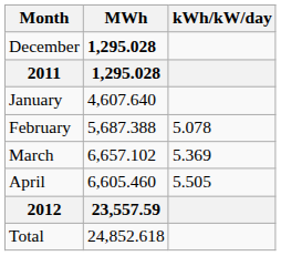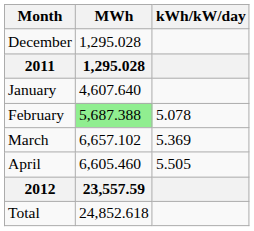 <table class="wikitable">
 <tr>
 <th>Month</th>
 <th>MWh</th>
 <th>kWh/kW/day</th>
 </tr>
 <tr>
 <td>December</td>
-<td><strong>1,295.028</strong></td>
+<td>1,295.028</td>
 <td></td>
 </tr>
 <tr>
 <th>2011</th>
 <th>1,295.028</th>
 <th></th>
 </tr>
 <tr>
 <td>January</td>
 <td>4,607.640</td>
 <td></td>
 </tr>
 <tr>
 <td>February</td>
-<td>5,687.388</td>
+<td style="background: lightgreen;">5,687.388</td>
 <td>5.078</td>
 </tr>
 <tr>
 <td>March</td>
 <td>6,657.102</td>
 <td>5.369</td>
 </tr>
 <tr>
 <td>April</td>
 <td>6,605.460</td>
 <td>5.505</td>
 </tr>
 <tr>
 <th>2012</th>
 <th>23,557.59</th>
 <th></th>
 </tr>
 <tr>
 <td>Total</td>
 <td>24,852.618</td>
 </tr>
 </table>
